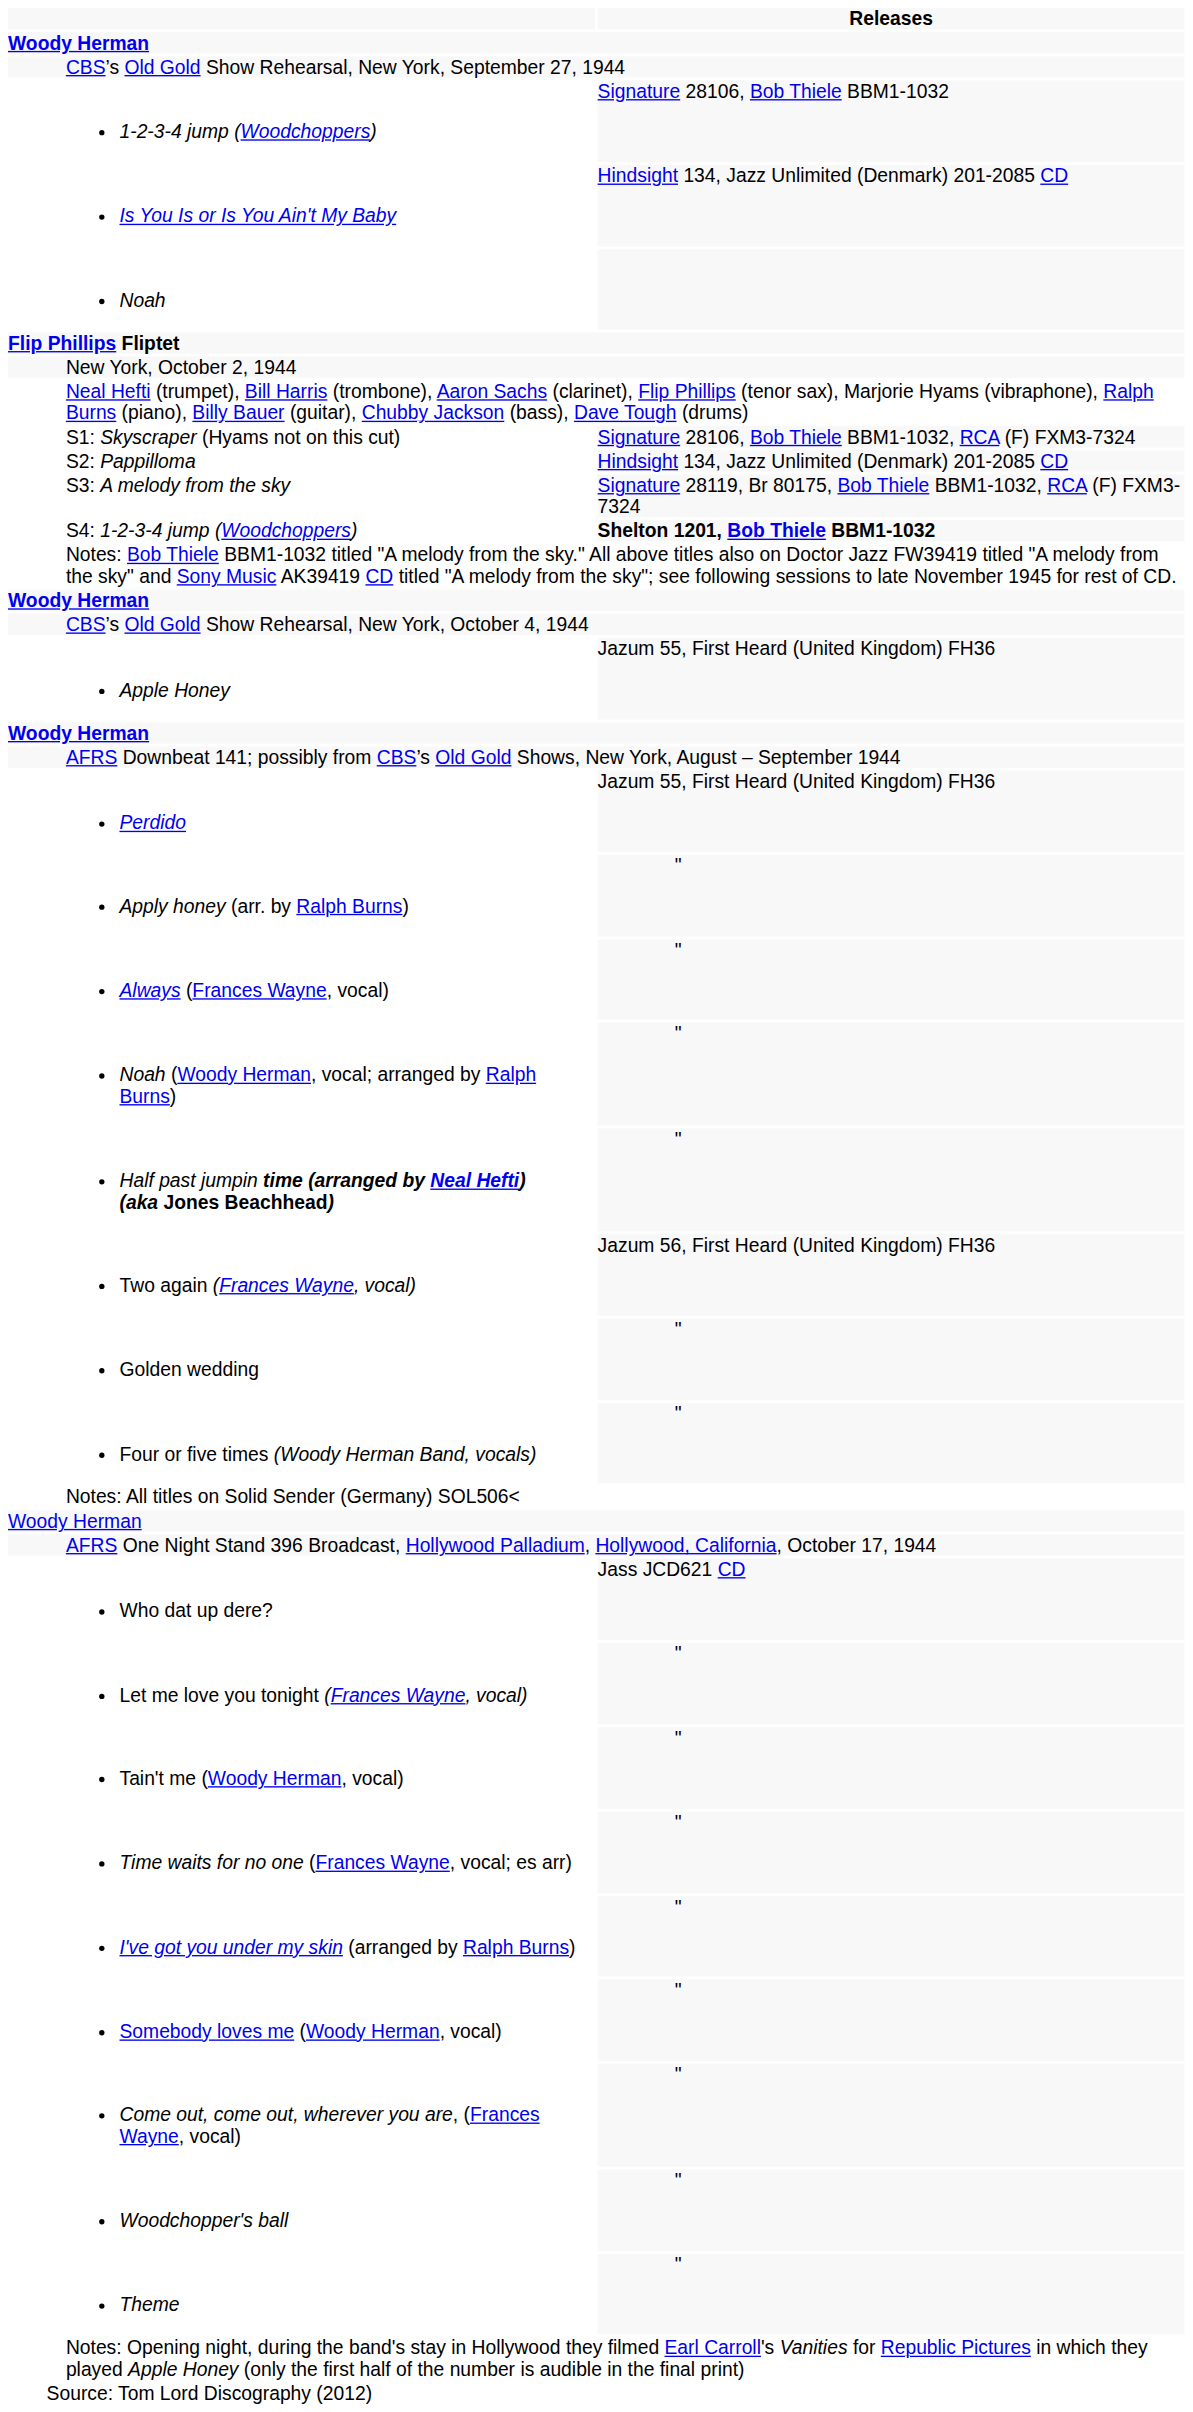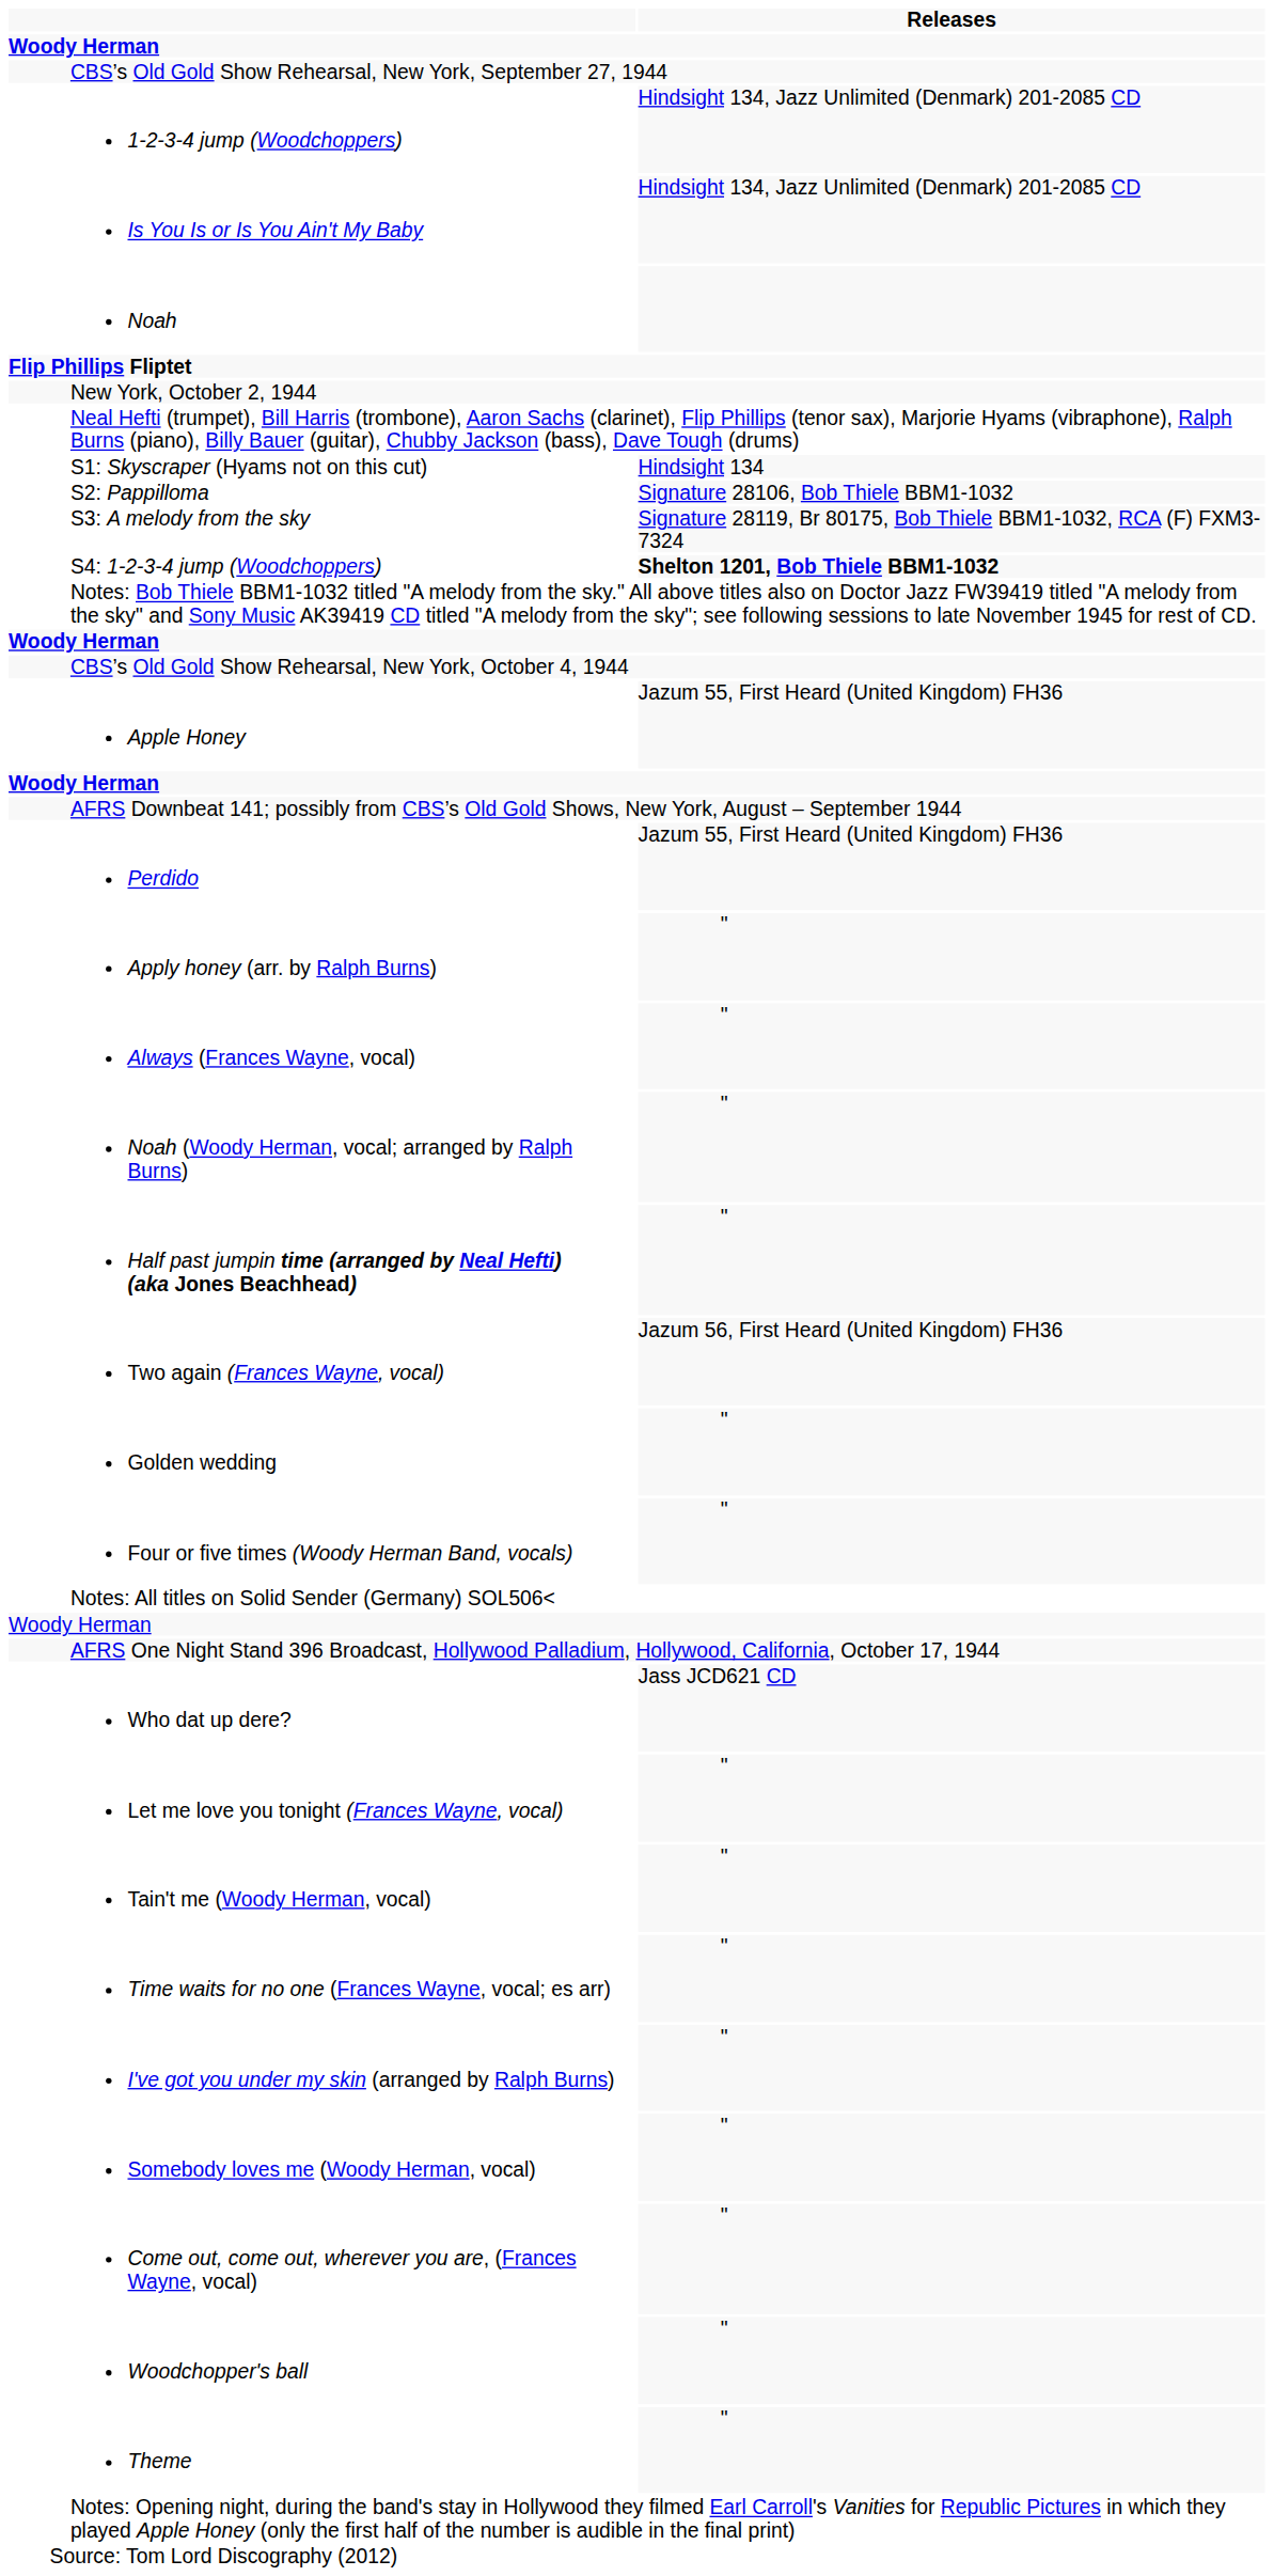 <table width="100%" border="0" cellpadding="0" style="border:1px solid white; background-color: white; font-size:90%">
 <tr valign="bottom" style="text-align:center">
 <td style="width:50%;background-color:#F8F8F8;"></td>
 <td style="width:50%;background-color:#F8F8F8;"><strong>Releases</strong></td>
 </tr>
 <tr valign="bottom" style="text-align:left">
 <td colspan="2" style="background:#F8F8F8"><strong><a href='#'>Woody Herman</a></strong></td>
 </tr>
 <tr valign="center" style="text-align:left">
 <td colspan="2" style="background:#F8F8F8;padding-left:3em"><a href='#'>CBS</a>’s <a href='#'>Old Gold</a> Show Rehearsal, New York, September 27, 1944</td>
 </tr>
 <tr valign="top" style="text-align:left">
 <td style="background-color:white;padding-left:3em"><br><ul><li><em>1-2-3-4 jump (<a href='#'>Woodchoppers</a>)</em></li></ul></td>
-<td style="background-color:#F8F8F8"><a href='#'>Signature</a> 28106, <a href='#'>Bob Thiele</a> BBM1-1032</td>
+<td style="background-color:#F8F8F8"><a href='#'>Hindsight</a> 134, Jazz Unlimited (Denmark) 201-2085 <a href='#'>CD</a></td>
 </tr>
 <tr valign="top" style="text-align:left">
 <td style="background-color:white;padding-left:3em"><br><ul><li><em><a href='#'>Is You Is or Is You Ain't My Baby</a></em></li></ul></td>
 <td style="background-color:#F8F8F8"><a href='#'>Hindsight</a> 134, Jazz Unlimited (Denmark) 201-2085 <a href='#'>CD</a></td>
 </tr>
 <tr valign="top" style="text-align:left">
 <td style="background-color:white;padding-left:3em"><br><ul><li><em>Noah</em></li></ul></td>
 <td style="background-color:#F8F8F8"></td>
 </tr>
 <tr valign="bottom" style="text-align:left">
 <td colspan="2" style="background:#F8F8F8;"><strong><a href='#'>Flip Phillips</a> Fliptet</strong></td>
 </tr>
 <tr valign="center" style="text-align:left">
 <td colspan="2" style="background:#F8F8F8;padding-left:3em">New York, October 2, 1944</td>
 </tr>
 <tr valign="top" style="text-align:left">
 <td colspan="2" style="background:#ffffff;padding-left:3em"><a href='#'>Neal Hefti</a> (trumpet), <a href='#'>Bill Harris</a> (trombone), <a href='#'>Aaron Sachs</a> (clarinet), <a href='#'>Flip Phillips</a> (tenor sax), Marjorie Hyams (vibraphone), <a href='#'>Ralph Burns</a> (piano), <a href='#'>Billy Bauer</a> (guitar), <a href='#'>Chubby Jackson</a> (bass), <a href='#'>Dave Tough</a> (drums)</td>
 </tr>
 <tr valign="top" style="text-align:left">
 <td style="background-color:white;padding-left:3em">S1: <em>Skyscraper</em> (Hyams not on this cut)</td>
-<td style="background-color:#F8F8F8"><a href='#'>Signature</a> 28106, <a href='#'>Bob Thiele</a> BBM1-1032, <a href='#'>RCA</a> (F) FXM3-7324</td>
+<td style="background-color:#F8F8F8"><a href='#'>Hindsight</a> 134</td>
 </tr>
 <tr valign="top" style="text-align:left">
 <td style="background-color:white;padding-left:3em">S2: <em>Pappilloma</em></td>
-<td style="background-color:#F8F8F8"><a href='#'>Hindsight</a> 134, Jazz Unlimited (Denmark) 201-2085 <a href='#'>CD</a></td>
+<td style="background-color:#F8F8F8"><a href='#'>Signature</a> 28106, <a href='#'>Bob Thiele</a> BBM1-1032</td>
 </tr>
 <tr valign="top" style="text-align:left">
 <td style="background-color:white;padding-left:3em">S3: <em>A melody from the sky</em></td>
 <td style="background-color:#F8F8F8"><a href='#'>Signature</a> 28119, Br 80175, <a href='#'>Bob Thiele</a> BBM1-1032, <a href='#'>RCA</a> (F) FXM3-7324</td>
 </tr>
 <tr valign="top" style="text-align:left">
 <td style="background-color:white;padding-left:3em">S4: <em>1-2-3-4 jump (<a href='#'>Woodchoppers</a>)</em></td>
 <td style="background-color:#F8F8F8"><strong>Shelton 1201, <a href='#'>Bob Thiele</a> BBM1-1032</strong></td>
 </tr>
 <tr valign="top" style="text-align:left">
 <td colspan="2" style="background:#ffffff;padding-left:3em">Notes: <a href='#'>Bob Thiele</a> BBM1-1032 titled "A melody from the sky."  All above titles also on Doctor Jazz FW39419 titled "A melody from the sky" and <a href='#'>Sony Music</a> AK39419 <a href='#'>CD</a> titled "A melody from the sky"; see following sessions to late November 1945 for rest of CD.</td>
 </tr>
 <tr valign="bottom" style="text-align:left">
 <td colspan="2" style="background:#F8F8F8;"><strong><a href='#'>Woody Herman</a></strong></td>
 </tr>
 <tr valign="center" style="text-align:left">
 <td colspan="2" style="background:#F8F8F8;padding-left:3em"><a href='#'>CBS</a>’s <a href='#'>Old Gold</a> Show Rehearsal, New York, October 4, 1944</td>
 </tr>
 <tr valign="top" style="text-align:left">
 <td style="background-color:white;padding-left:3em"><br><ul><li><em>Apple Honey</em></li></ul></td>
 <td style="background-color:#F8F8F8">Jazum 55, First Heard (United Kingdom) FH36</td>
 </tr>
 <tr valign="bottom" style="text-align:left">
 <td colspan="2" style="background:#F8F8F8;"><strong><a href='#'>Woody Herman</a></strong></td>
 </tr>
 <tr valign="center" style="text-align:left">
 <td colspan="2" style="background:#F8F8F8;padding-left:3em"><a href='#'>AFRS</a> Downbeat 141; possibly from <a href='#'>CBS</a>’s <a href='#'>Old Gold</a> Shows, New York, August – September 1944</td>
 </tr>
 <tr valign="top" style="text-align:left">
 <td style="background-color:white;padding-left:3em"><br><ul><li><em><a href='#'>Perdido</a></em></li></ul></td>
 <td style="background-color:#F8F8F8">Jazum 55, First Heard (United Kingdom) FH36</td>
 </tr>
 <tr valign="top" style="text-align:left">
 <td style="background-color:white;padding-left:3em"><br><ul><li><em>Apply honey</em> (arr. by <a href='#'>Ralph Burns</a>)</li></ul></td>
 <td style="background-color:#F8F8F8;padding-left:4em">"</td>
 </tr>
 <tr valign="top" style="text-align:left">
 <td style="background-color:white;padding-left:3em"><br><ul><li><em><a href='#'>Always</a></em> (<a href='#'>Frances Wayne</a>, vocal)</li></ul></td>
 <td style="background-color:#F8F8F8;padding-left:4em">"</td>
 </tr>
 <tr valign="top" style="text-align:left">
 <td style="background-color:white;padding-left:3em"><br><ul><li><em>Noah</em> (<a href='#'>Woody Herman</a>, vocal; arranged by <a href='#'>Ralph Burns</a>)</li></ul></td>
 <td style="background-color:#F8F8F8;padding-left:4em">"</td>
 </tr>
 <tr valign="top" style="text-align:left">
 <td style="background-color:white;padding-left:3em"><br><ul><li><em>Half past jumpin<strong> time (arranged by <a href='#'>Neal Hefti</a>)<br>(aka </em>Jones Beachhead<em>)</li></ul></td>
 <td style="background-color:#F8F8F8;padding-left:4em">"</td>
 </tr>
 <tr valign="top" style="text-align:left">
 <td style="background-color:white;padding-left:3em"><br><ul><li></em>Two again<em> (<a href='#'>Frances Wayne</a>, vocal)</li></ul></td>
 <td style="background-color:#F8F8F8">Jazum 56, First Heard (United Kingdom) FH36</td>
 </tr>
 <tr valign="top" style="text-align:left">
 <td style="background-color:white;padding-left:3em"><br><ul><li></em>Golden wedding<em></li></ul></td>
 <td style="background-color:#F8F8F8;padding-left:4em">"</td>
 </tr>
 <tr valign="top" style="text-align:left">
 <td style="background-color:white;padding-left:3em"><br><ul><li></em>Four or five times<em> (Woody Herman Band, vocals)</li></ul></td>
 <td style="background-color:#F8F8F8;padding-left:4em">"</td>
 </tr>
 <tr valign="top" style="text-align:left">
 <td colspan="2" style="background:#ffffff;padding-left:3em">Notes: All titles on Solid Sender (Germany) SOL506<</td>
 </tr>
 <tr valign="bottom" style="text-align:left">
 <td colspan="2" style="background:#F8F8F8;"></strong><a href='#'>Woody Herman</a><strong></td>
 </tr>
 <tr valign="center" style="text-align:left">
 <td colspan="2" style="background:#F8F8F8;padding-left:3em"><a href='#'>AFRS</a> One Night Stand 396 Broadcast, <a href='#'>Hollywood Palladium</a>, <a href='#'>Hollywood, California</a>, October 17, 1944</td>
 </tr>
 <tr valign="top" style="text-align:left">
 <td style="background-color:white;padding-left:3em"><br><ul><li></em>Who dat up dere?<em></li></ul></td>
 <td style="background-color:#F8F8F8">Jass JCD621 <a href='#'>CD</a></td>
 </tr>
 <tr valign="top" style="text-align:left">
 <td style="background-color:white;padding-left:3em"><br><ul><li></em>Let me love you tonight<em> (<a href='#'>Frances Wayne</a>, vocal)</li></ul></td>
 <td style="background-color:#F8F8F8;padding-left:4em">"</td>
 </tr>
 <tr valign="top" style="text-align:left">
 <td style="background-color:white;padding-left:3em"><br><ul><li></strong>Tain't me</em> (<a href='#'>Woody Herman</a>, vocal)</li></ul></td>
 <td style="background-color:#F8F8F8;padding-left:4em">"</td>
 </tr>
 <tr valign="top" style="text-align:left">
 <td style="background-color:white;padding-left:3em"><br><ul><li><em>Time waits for no one</em> (<a href='#'>Frances Wayne</a>, vocal; es arr)</li></ul></td>
 <td style="background-color:#F8F8F8;padding-left:4em">"</td>
 </tr>
 <tr valign="top" style="text-align:left">
 <td style="background-color:white;padding-left:3em"><br><ul><li><em><a href='#'>I've got you under my skin</a></em> (arranged by <a href='#'>Ralph Burns</a>)</li></ul></td>
 <td style="background-color:#F8F8F8;padding-left:4em">"</td>
 </tr>
 <tr valign="top" style="text-align:left">
 <td style="background-color:white;padding-left:3em"><br><ul><li><a href='#'>Somebody loves me</a> (<a href='#'>Woody Herman</a>, vocal)</li></ul></td>
 <td style="background-color:#F8F8F8;padding-left:4em">"</td>
 </tr>
 <tr valign="top" style="text-align:left">
 <td style="background-color:white;padding-left:3em"><br><ul><li><em>Come out, come out, wherever you are</em>, (<a href='#'>Frances Wayne</a>, vocal)</li></ul></td>
 <td style="background-color:#F8F8F8;padding-left:4em">"</td>
 </tr>
 <tr valign="top" style="text-align:left">
 <td style="background-color:white;padding-left:3em"><br><ul><li><em>Woodchopper's ball</em></li></ul></td>
 <td style="background-color:#F8F8F8;padding-left:4em">"</td>
 </tr>
 <tr valign="top" style="text-align:left">
 <td style="background-color:white;padding-left:3em"><br><ul><li><em>Theme</em></li></ul></td>
 <td style="background-color:#F8F8F8;padding-left:4em">"</td>
 </tr>
 <tr valign="top" style="text-align:left">
 <td colspan="2" style="background:#ffffff;padding-left:3em">Notes: Opening night, during the band's stay in Hollywood they filmed <a href='#'>Earl Carroll</a>'s <em>Vanities</em> for <a href='#'>Republic Pictures</a> in which they played <em>Apple Honey</em> (only the first half of the number is audible in the final print)<br></td>
 </tr>
 <tr valign="top" style="text-align:left">
 <td colspan="2" style="background:#ffffff;padding-left:2em">Source:  Tom Lord Discography (2012)</td>
 </tr>
 </table>
